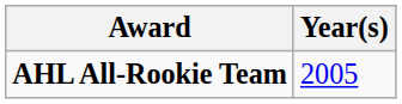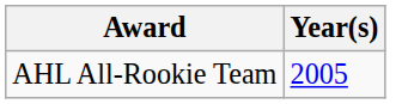 <table class="wikitable">
 <tr>
 <th>Award</th>
 <th>Year(s)</th>
 </tr>
 <tr>
-<td><strong>AHL All-Rookie Team</strong></td>
+<td>AHL All-Rookie Team</td>
 <td><a href='#'>2005</a></td>
 </tr>
 </table>
